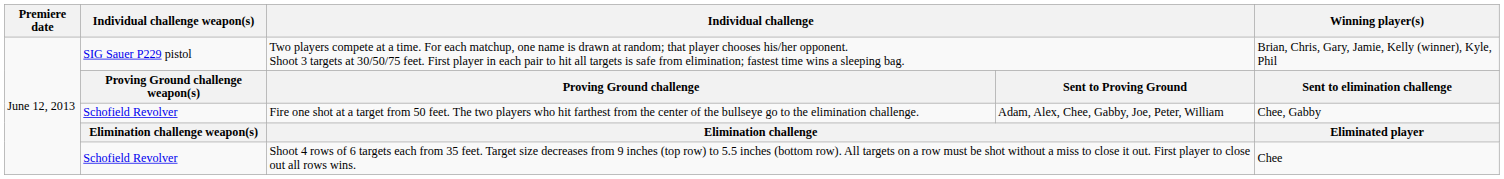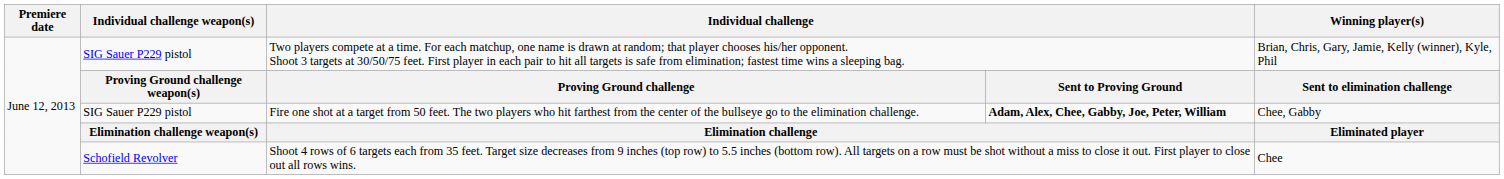 <table class="wikitable">
 <tr>
 <th>Premiere date</th>
 <th>Individual challenge weapon(s)</th>
 <th colspan="2">Individual challenge</th>
 <th>Winning player(s)</th>
 </tr>
 <tr>
 <td rowspan="5">June 12, 2013</td>
 <td><a href='#'>SIG Sauer P229</a> pistol</td>
 <td colspan="2">Two players compete at a time. For each matchup, one name is drawn at random; that player chooses his/her opponent.<br>Shoot 3 targets at 30/50/75 feet. First player in each pair to hit all targets is safe from elimination; fastest time wins a sleeping bag.</td>
 <td>Brian, Chris, Gary, Jamie, Kelly (winner), Kyle, Phil</td>
 </tr>
 <tr>
 <th>Proving Ground challenge weapon(s)</th>
 <th>Proving Ground challenge</th>
 <th>Sent to Proving Ground</th>
 <th>Sent to elimination challenge</th>
 </tr>
 <tr>
-<td><a href='#'>Schofield Revolver</a></td>
+<td>SIG Sauer P229 pistol</td>
 <td>Fire one shot at a target from 50 feet. The two players who hit farthest from the center of the bullseye go to the elimination challenge.</td>
-<td>Adam, Alex, Chee, Gabby, Joe, Peter, William</td>
+<td><strong>Adam, Alex, Chee, Gabby, Joe, Peter, William</strong></td>
 <td>Chee, Gabby</td>
 </tr>
 <tr>
 <th>Elimination challenge weapon(s)</th>
 <th colspan="2">Elimination challenge</th>
 <th>Eliminated player</th>
 </tr>
 <tr>
 <td><a href='#'>Schofield Revolver</a></td>
 <td colspan="2">Shoot 4 rows of 6 targets each from 35 feet. Target size decreases from 9 inches (top row) to 5.5 inches (bottom row). All targets on a row must be shot without a miss to close it out. First player to close out all rows wins.</td>
 <td>Chee</td>
 </tr>
 </table>
